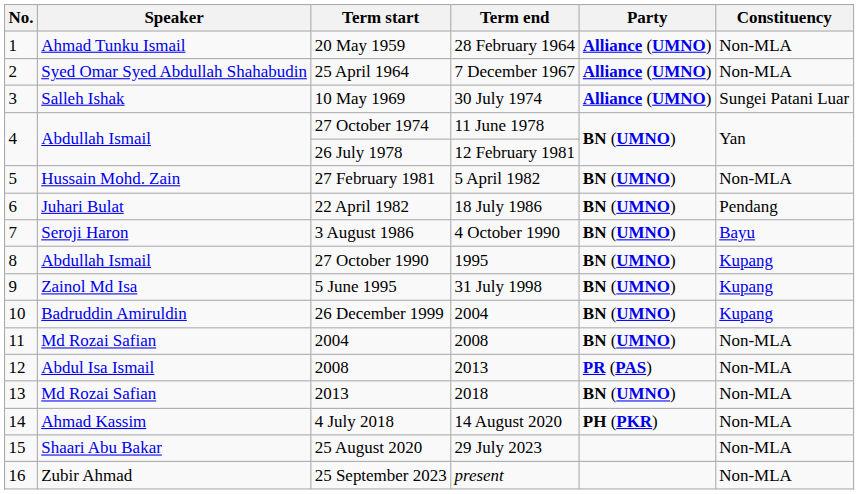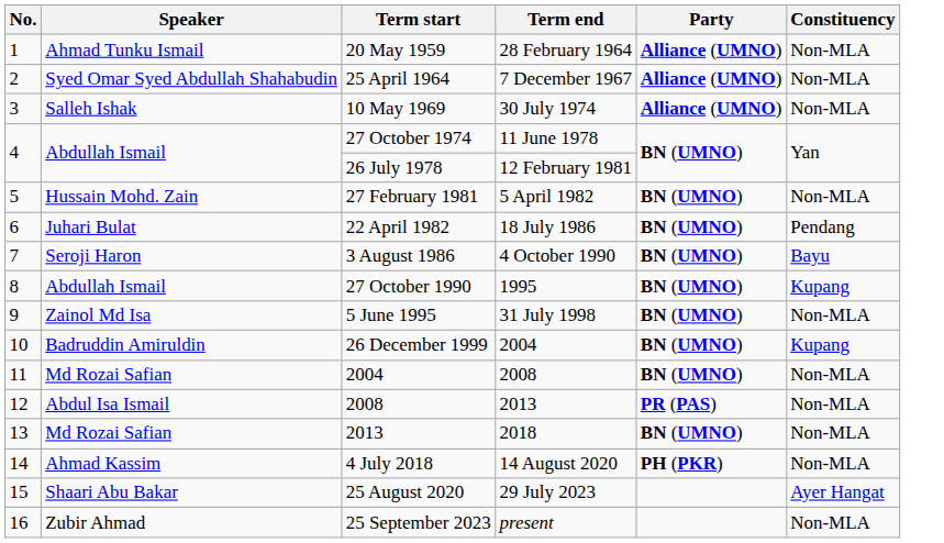 <table class=wikitable>
 <tr>
 <th>No.</th>
 <th>Speaker</th>
 <th>Term start</th>
 <th>Term end</th>
 <th>Party</th>
 <th>Constituency</th>
 </tr>
 <tr>
 <td>1</td>
 <td><a href='#'>Ahmad Tunku Ismail</a></td>
 <td>20 May 1959</td>
 <td>28 February 1964</td>
 <td><strong><a href='#'>Alliance</a></strong> (<strong><a href='#'>UMNO</a></strong>)</td>
 <td>Non-MLA</td>
 </tr>
 <tr>
 <td>2</td>
 <td><a href='#'>Syed Omar Syed Abdullah Shahabudin</a></td>
 <td>25 April 1964</td>
 <td>7 December 1967</td>
 <td><strong><a href='#'>Alliance</a></strong> (<strong><a href='#'>UMNO</a></strong>)</td>
 <td>Non-MLA</td>
 </tr>
 <tr>
 <td>3</td>
 <td><a href='#'>Salleh Ishak</a></td>
 <td>10 May 1969</td>
 <td>30 July 1974</td>
 <td><strong><a href='#'>Alliance</a></strong> (<strong><a href='#'>UMNO</a></strong>)</td>
-<td>Sungei Patani Luar</td>
+<td>Non-MLA</td>
 </tr>
 <tr>
 <td rowspan=2>4</td>
 <td rowspan=2><a href='#'>Abdullah Ismail</a></td>
 <td>27 October 1974</td>
 <td>11 June 1978</td>
 <td rowspan=2><strong>BN</strong> (<strong><a href='#'>UMNO</a></strong>)</td>
 <td rowspan=2>Yan</td>
 </tr>
 <tr>
 <td>26 July 1978</td>
 <td>12 February 1981</td>
 </tr>
 <tr>
 <td>5</td>
 <td><a href='#'>Hussain Mohd. Zain</a></td>
 <td>27 February 1981</td>
 <td>5 April 1982</td>
 <td><strong>BN</strong> (<strong><a href='#'>UMNO</a></strong>)</td>
 <td>Non-MLA</td>
 </tr>
 <tr>
 <td>6</td>
 <td><a href='#'>Juhari Bulat</a></td>
 <td>22 April 1982</td>
 <td>18 July 1986</td>
 <td><strong>BN</strong> (<strong><a href='#'>UMNO</a></strong>)</td>
 <td>Pendang</td>
 </tr>
 <tr>
 <td>7</td>
 <td><a href='#'>Seroji Haron</a></td>
 <td>3 August 1986</td>
 <td>4 October 1990</td>
 <td><strong>BN</strong> (<strong><a href='#'>UMNO</a></strong>)</td>
 <td><a href='#'>Bayu</a></td>
 </tr>
 <tr>
 <td>8</td>
 <td><a href='#'>Abdullah Ismail</a></td>
 <td>27 October 1990</td>
 <td>1995</td>
 <td><strong>BN</strong> (<strong><a href='#'>UMNO</a></strong>)</td>
 <td><a href='#'>Kupang</a></td>
 </tr>
 <tr>
 <td>9</td>
 <td><a href='#'>Zainol Md Isa</a></td>
 <td>5 June 1995</td>
 <td>31 July 1998</td>
 <td><strong>BN</strong> (<strong><a href='#'>UMNO</a></strong>)</td>
-<td><a href='#'>Kupang</a></td>
+<td>Non-MLA</td>
 </tr>
 <tr>
 <td>10</td>
 <td><a href='#'>Badruddin Amiruldin</a></td>
 <td>26 December 1999</td>
 <td>2004</td>
 <td><strong>BN</strong> (<strong><a href='#'>UMNO</a></strong>)</td>
 <td><a href='#'>Kupang</a></td>
 </tr>
 <tr>
 <td>11</td>
 <td><a href='#'>Md Rozai Safian</a></td>
 <td>2004</td>
 <td>2008</td>
 <td><strong>BN</strong> (<strong><a href='#'>UMNO</a></strong>)</td>
 <td>Non-MLA</td>
 </tr>
 <tr>
 <td>12</td>
 <td><a href='#'>Abdul Isa Ismail</a></td>
 <td>2008</td>
 <td>2013</td>
 <td><strong><a href='#'>PR</a></strong> (<strong><a href='#'>PAS</a></strong>)</td>
 <td>Non-MLA</td>
 </tr>
 <tr>
 <td>13</td>
 <td><a href='#'>Md Rozai Safian</a></td>
 <td>2013</td>
 <td>2018</td>
 <td><strong>BN</strong> (<strong><a href='#'>UMNO</a></strong>)</td>
 <td>Non-MLA</td>
 </tr>
 <tr>
 <td>14</td>
 <td><a href='#'>Ahmad Kassim</a></td>
 <td>4 July 2018</td>
 <td>14 August 2020</td>
 <td><strong>PH</strong> (<strong><a href='#'>PKR</a></strong>)</td>
 <td>Non-MLA</td>
 </tr>
 <tr>
 <td>15</td>
 <td><a href='#'>Shaari Abu Bakar</a></td>
 <td>25 August 2020</td>
 <td>29 July 2023</td>
 <td></td>
-<td>Non-MLA</td>
+<td><a href='#'>Ayer Hangat</a></td>
 </tr>
 <tr>
 <td>16</td>
 <td>Zubir Ahmad</td>
 <td>25 September 2023</td>
 <td><em>present</em></td>
 <td></td>
 <td>Non-MLA</td>
 </tr>
 </table>
